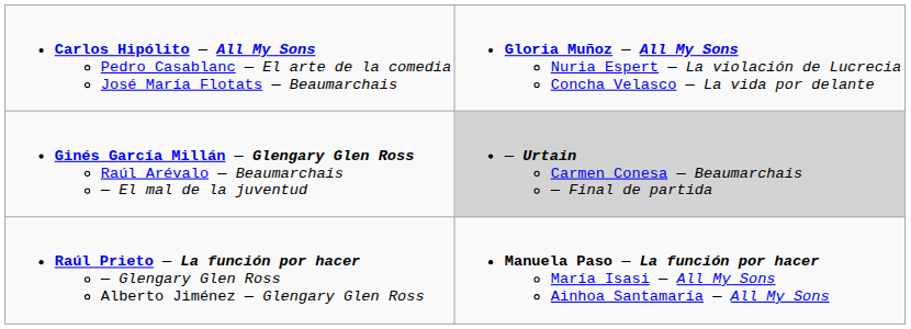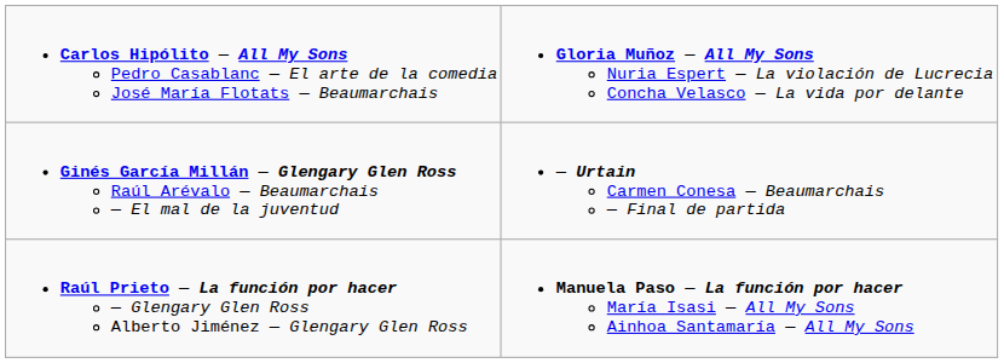 <table class=wikitable>
 <tr>
 <td style="vertical-align:top;" width="50%"><br><ul><li><strong><a href='#'>Carlos Hipólito</a></strong> — <strong><em><a href='#'>All My Sons</a></em></strong><ul><li><a href='#'>Pedro Casablanc</a> — <em>El arte de la comedia</em></li><li><a href='#'>José María Flotats</a> — <em>Beaumarchais</em></li></ul></li></ul></td>
 <td style="vertical-align:top;" width="50%"><br><ul><li><strong><a href='#'>Gloria Muñoz</a></strong> — <strong><em><a href='#'>All My Sons</a></em></strong><ul><li><a href='#'>Nuria Espert</a> — <em>La violación de Lucrecia</em></li><li><a href='#'>Concha Velasco</a> — <em>La vida por delante</em></li></ul></li></ul></td>
 </tr>
 <tr>
 <td style="vertical-align:top;" width="50%"><br><ul><li><strong><a href='#'>Ginés García Millán</a></strong> — <strong><em>Glengary Glen Ross</em></strong><ul><li><a href='#'>Raúl Arévalo</a> — <em>Beaumarchais</em></li><li> — <em>El mal de la juventud</em></li></ul></li></ul></td>
-<td style="background: lightgrey; vertical-align:top;" width="50%"><br><ul><li><strong></strong> — <strong><em>Urtain</em></strong><ul><li><a href='#'>Carmen Conesa</a> — <em>Beaumarchais</em></li><li> — <em>Final de partida</em></li></ul></li></ul></td>
+<td style="vertical-align:top;" width="50%"><br><ul><li><strong></strong> — <strong><em>Urtain</em></strong><ul><li><a href='#'>Carmen Conesa</a> — <em>Beaumarchais</em></li><li> — <em>Final de partida</em></li></ul></li></ul></td>
 </tr>
 <tr>
 <td style="vertical-align:top;" width="50%"><br><ul><li><strong><a href='#'>Raúl Prieto</a></strong> — <strong><em>La función por hacer</em></strong><ul><li> — <em>Glengary Glen Ross</em></li><li>Alberto Jiménez — <em>Glengary Glen Ross</em></li></ul></li></ul></td>
 <td style="vertical-align:top;" width="50%"><br><ul><li><strong>Manuela Paso</strong> — <strong><em>La función por hacer</em></strong><ul><li><a href='#'>María Isasi</a> — <em><a href='#'>All My Sons</a></em></li><li><a href='#'>Ainhoa Santamaría</a> — <em><a href='#'>All My Sons</a></em></li></ul></li></ul></td>
 </tr>
 </table>
